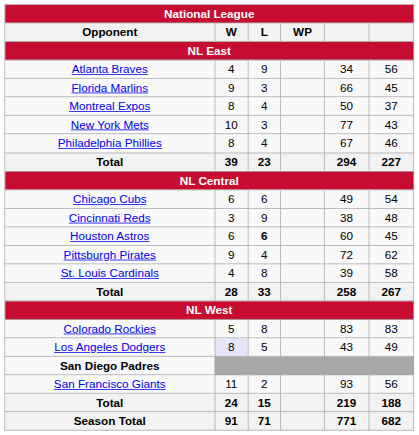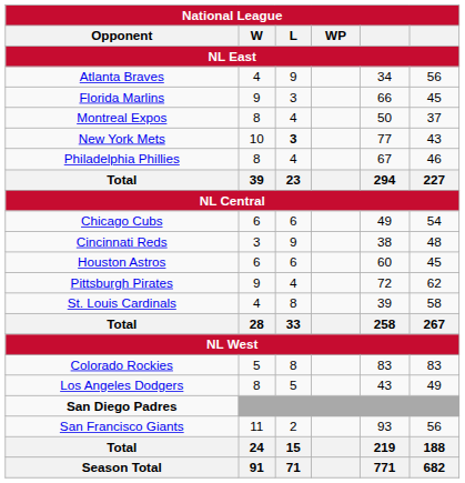 <table class="wikitable" style="margin:1em auto; font-size:95%; text-align:center; width:35em;">
 <tr>
 <th colspan="7" style="background:#c60c30; color:#ffffff;">National League</th>
 </tr>
 <tr>
 <th>Opponent</th>
 <th>W</th>
 <th>L</th>
 <th>WP</th>
 <th></th>
 <th></th>
 </tr>
 <tr>
 <th colspan="7" style="background:#c60c30; color:#ffffff;">NL East</th>
 </tr>
 <tr>
 <td><a href='#'>Atlanta Braves</a></td>
 <td>4</td>
 <td>9</td>
 <td></td>
 <td>34</td>
 <td>56</td>
 </tr>
 <tr>
 <td><a href='#'>Florida Marlins</a></td>
 <td>9</td>
 <td>3</td>
 <td></td>
 <td>66</td>
 <td>45</td>
 </tr>
 <tr>
 <td><a href='#'>Montreal Expos</a></td>
 <td>8</td>
 <td>4</td>
 <td></td>
 <td>50</td>
 <td>37</td>
 </tr>
 <tr>
 <td><a href='#'>New York Mets</a></td>
 <td>10</td>
-<td>3</td>
+<td><strong>3</strong></td>
 <td></td>
 <td>77</td>
 <td>43</td>
 </tr>
 <tr>
 <td><a href='#'>Philadelphia Phillies</a></td>
 <td>8</td>
 <td>4</td>
 <td></td>
 <td>67</td>
 <td>46</td>
 </tr>
 <tr>
 <th>Total</th>
 <th>39</th>
 <th>23</th>
 <th></th>
 <th>294</th>
 <th>227</th>
 </tr>
 <tr>
 <th colspan="7" style="background:#c60c30; color:#ffffff;">NL Central</th>
 </tr>
 <tr>
 <td><a href='#'>Chicago Cubs</a></td>
 <td>6</td>
 <td>6</td>
 <td></td>
 <td>49</td>
 <td>54</td>
 </tr>
 <tr>
 <td><a href='#'>Cincinnati Reds</a></td>
 <td>3</td>
 <td>9</td>
 <td></td>
 <td>38</td>
 <td>48</td>
 </tr>
 <tr>
 <td><a href='#'>Houston Astros</a></td>
 <td>6</td>
-<td><strong>6</strong></td>
+<td>6</td>
 <td></td>
 <td>60</td>
 <td>45</td>
 </tr>
 <tr>
 <td><a href='#'>Pittsburgh Pirates</a></td>
 <td>9</td>
 <td>4</td>
 <td></td>
 <td>72</td>
 <td>62</td>
 </tr>
 <tr>
 <td><a href='#'>St. Louis Cardinals</a></td>
 <td>4</td>
 <td>8</td>
 <td></td>
 <td>39</td>
 <td>58</td>
 </tr>
 <tr>
 <th>Total</th>
 <th>28</th>
 <th>33</th>
 <th></th>
 <th>258</th>
 <th>267</th>
 </tr>
 <tr>
 <th colspan="7" style="background:#c60c30; color:#ffffff;">NL West</th>
 </tr>
 <tr>
 <td><a href='#'>Colorado Rockies</a></td>
 <td>5</td>
 <td>8</td>
 <td></td>
 <td>83</td>
 <td>83</td>
 </tr>
 <tr>
 <td><a href='#'>Los Angeles Dodgers</a></td>
-<td style="background: lavender;">8</td>
+<td>8</td>
 <td>5</td>
 <td></td>
 <td>43</td>
 <td>49</td>
 </tr>
 <tr>
 <td><strong>San Diego Padres</strong></td>
 <td colspan=5 style="background:darkgray;"></td>
 </tr>
 <tr>
 <td><a href='#'>San Francisco Giants</a></td>
 <td>11</td>
 <td>2</td>
 <td></td>
 <td>93</td>
 <td>56</td>
 </tr>
 <tr>
 <th>Total</th>
 <th>24</th>
 <th>15</th>
 <th></th>
 <th>219</th>
 <th>188</th>
 </tr>
 <tr>
 <th>Season Total</th>
 <th>91</th>
 <th>71</th>
 <th></th>
 <th>771</th>
 <th>682</th>
 </tr>
 </table>
